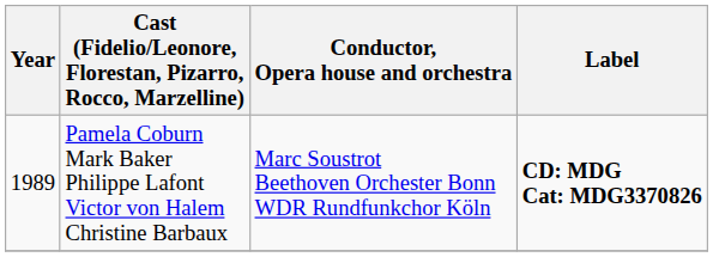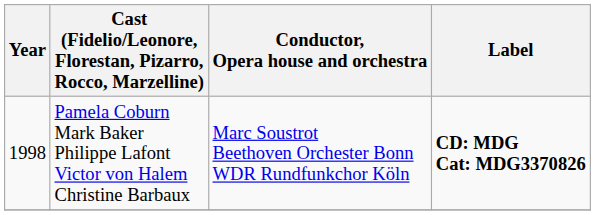 <table class="wikitable">
 <tr>
 <th>Year</th>
 <th>Cast<br>(Fidelio/Leonore,<br>Florestan, Pizarro,<br>Rocco, Marzelline)</th>
 <th>Conductor,<br>Opera house and orchestra</th>
 <th>Label</th>
 </tr>
 <tr>
-<td>1989</td>
+<td>1998</td>
 <td><a href='#'>Pamela Coburn</a><br>Mark Baker<br>Philippe Lafont<br><a href='#'>Victor von Halem</a><br>Christine Barbaux</td>
 <td><a href='#'>Marc Soustrot</a><br><a href='#'>Beethoven Orchester Bonn</a><br><a href='#'>WDR Rundfunkchor Köln</a></td>
 <td><strong>CD: MDG<br>Cat:  MDG3370826</strong></td>
 </tr>
 <tr>
 </tr>
 </table>
